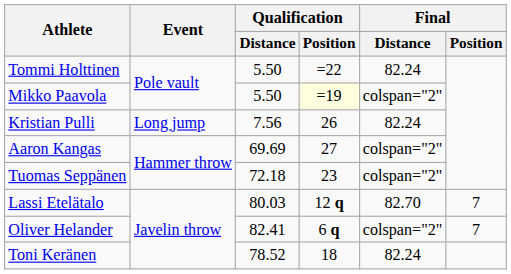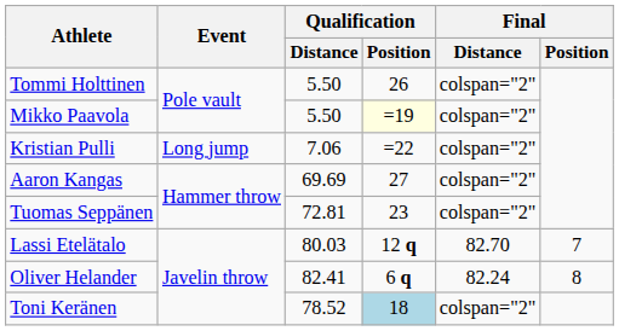 <table class="wikitable" style="font-size:90%">
 <tr>
 <th rowspan="2">Athlete</th>
 <th rowspan="2">Event</th>
 <th colspan="2">Qualification</th>
 <th colspan="2">Final</th>
 </tr>
 <tr style="font-size:95%">
 <th>Distance</th>
 <th>Position</th>
 <th>Distance</th>
 <th>Position</th>
 </tr>
 <tr align="center">
 <td align="left"><a href='#'>Tommi Holttinen</a></td>
 <td rowspan="2" align="left"><a href='#'>Pole vault</a></td>
 <td>5.50</td>
-<td>=22</td>
-<td>82.24</td>
+<td>26</td>
+<td>colspan="2" </td>
 </tr>
 <tr align="center">
 <td align="left"><a href='#'>Mikko Paavola</a></td>
 <td>5.50</td>
 <td style="background: lightyellow;">=19</td>
 <td>colspan="2" </td>
 </tr>
 <tr align="center">
 <td align="left"><a href='#'>Kristian Pulli</a></td>
 <td align="left"><a href='#'>Long jump</a></td>
-<td>7.56</td>
-<td>26</td>
-<td>82.24</td>
+<td>7.06</td>
+<td>=22</td>
+<td>colspan="2" </td>
 </tr>
 <tr align="center">
 <td align="left"><a href='#'>Aaron Kangas</a></td>
 <td rowspan="2" align="left"><a href='#'>Hammer throw</a></td>
 <td>69.69</td>
 <td>27</td>
 <td>colspan="2" </td>
 </tr>
 <tr align="center">
 <td align="left"><a href='#'>Tuomas Seppänen</a></td>
-<td>72.18</td>
+<td>72.81</td>
 <td>23</td>
 <td>colspan="2" </td>
 </tr>
 <tr align="center">
 <td align="left"><a href='#'>Lassi Etelätalo</a></td>
 <td rowspan="3" align="left"><a href='#'>Javelin throw</a></td>
 <td>80.03</td>
 <td>12 <strong>q</strong></td>
 <td>82.70 </td>
 <td>7</td>
 </tr>
 <tr align="center">
 <td align="left"><a href='#'>Oliver Helander</a></td>
 <td>82.41</td>
 <td>6 <strong>q</strong></td>
-<td>colspan="2" </td>
-<td>7</td>
+<td>82.24</td>
+<td>8</td>
 </tr>
 <tr align="center">
 <td align="left"><a href='#'>Toni Keränen</a></td>
 <td>78.52</td>
-<td>18</td>
-<td>82.24</td>
+<td style="background: lightblue;">18</td>
+<td>colspan="2" </td>
 </tr>
 </table>
